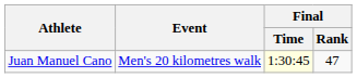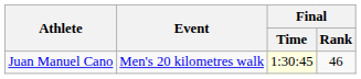 <table class=wikitable style="font-size:90%;">
 <tr>
 <th rowspan=2>Athlete</th>
 <th rowspan=2>Event</th>
 <th colspan=2>Final</th>
 </tr>
 <tr>
 <th>Time</th>
 <th>Rank</th>
 </tr>
 <tr>
 <td><a href='#'>Juan Manuel Cano</a></td>
 <td><a href='#'>Men's 20 kilometres walk</a></td>
 <td align="center" style="background: lightyellow;">1:30:45</td>
-<td align="center">47</td>
+<td align="center">46</td>
 </tr>
 </table>
